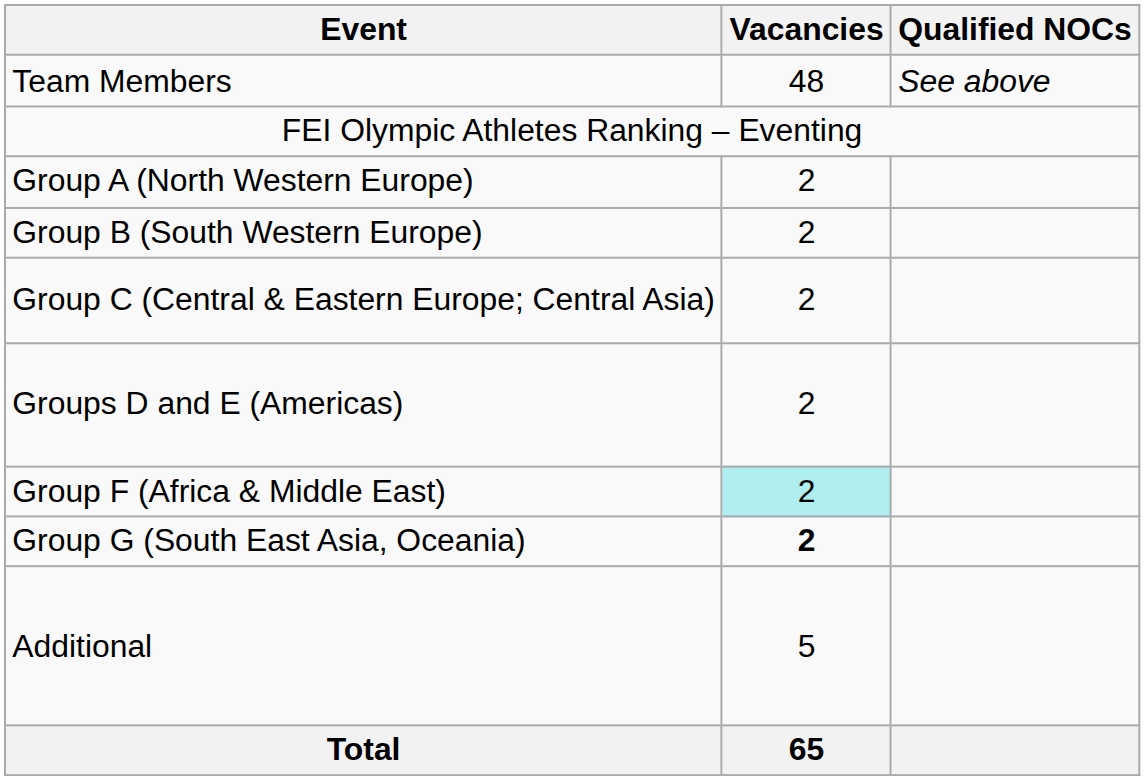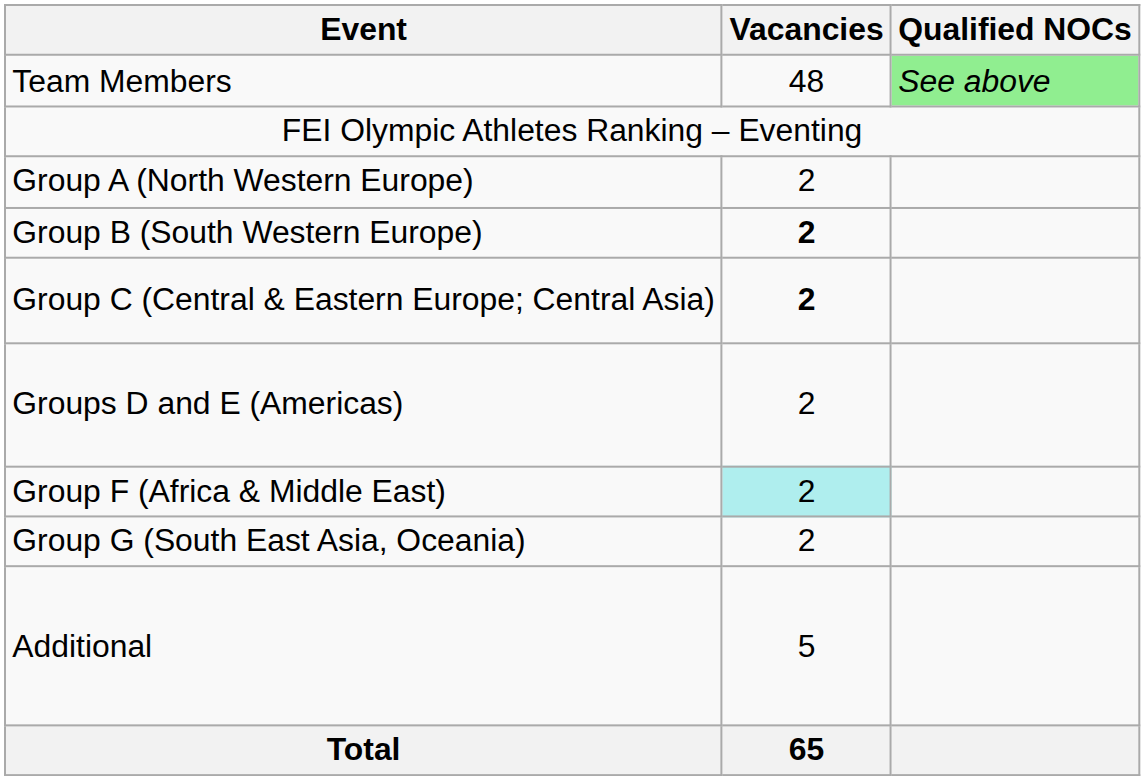 <table class="wikitable">
 <tr>
 <th scope="col">Event</th>
 <th>Vacancies</th>
 <th>Qualified NOCs</th>
 </tr>
 <tr>
 <td>Team Members</td>
 <td align="center">48</td>
-<td><em>See above</em></td>
+<td style="background: lightgreen;"><em>See above</em></td>
 </tr>
 <tr>
 <td align="center" colspan="3">FEI Olympic Athletes Ranking – Eventing</td>
 </tr>
 <tr>
 <td>Group A (North Western Europe)</td>
 <td align="center">2</td>
 <td><br></td>
 </tr>
 <tr>
 <td>Group B (South Western Europe)</td>
-<td align="center">2</td>
+<td align="center"><strong>2</strong></td>
 <td><br></td>
 </tr>
 <tr>
 <td>Group C (Central & Eastern Europe; Central Asia)</td>
-<td align="center">2</td>
+<td align="center"><strong>2</strong></td>
 <td><s></s><br><br></td>
 </tr>
 <tr>
 <td>Groups D and E (Americas)</td>
 <td align="center">2</td>
 <td><s></s><br><s></s><br><br></td>
 </tr>
 <tr>
 <td>Group F (Africa & Middle East)</td>
 <td align="center" style="background: paleturquoise;">2</td>
 <td><br></td>
 </tr>
 <tr>
 <td>Group G (South East Asia, Oceania)</td>
-<td align="center"><strong>2</strong></td>
+<td align="center">2</td>
 <td><br></td>
 </tr>
 <tr>
 <td>Additional</td>
 <td align="center">5</td>
 <td><br><br><br><br></td>
 </tr>
 <tr>
 <th>Total</th>
 <th>65</th>
 <th></th>
 </tr>
 </table>
